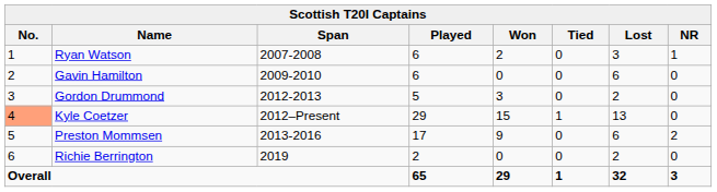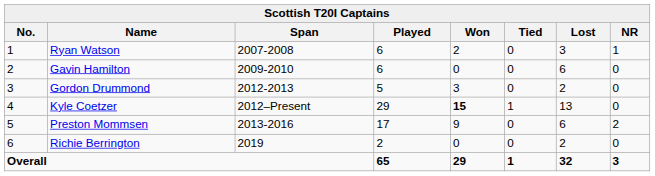 <table class="wikitable" style="width:70%;">
 <tr>
 <th style="background:#efefef;" colspan="9">Scottish T20I Captains </th>
 </tr>
 <tr style="background:#efefef;">
 <th>No.</th>
 <th>Name</th>
 <th>Span</th>
 <th>Played</th>
 <th>Won</th>
 <th>Tied</th>
 <th>Lost</th>
 <th>NR</th>
 </tr>
 <tr>
 <td>1</td>
 <td><a href='#'>Ryan Watson</a></td>
 <td>2007-2008</td>
 <td>6</td>
 <td>2</td>
 <td>0</td>
 <td>3</td>
 <td>1</td>
 </tr>
 <tr>
 <td>2</td>
 <td><a href='#'>Gavin Hamilton</a></td>
 <td>2009-2010</td>
 <td>6</td>
 <td>0</td>
 <td>0</td>
 <td>6</td>
 <td>0</td>
 </tr>
 <tr>
 <td>3</td>
 <td><a href='#'>Gordon Drummond</a></td>
 <td>2012-2013</td>
 <td>5</td>
 <td>3</td>
 <td>0</td>
 <td>2</td>
 <td>0</td>
 </tr>
 <tr>
-<td style="background: lightsalmon;">4</td>
+<td>4</td>
 <td><a href='#'>Kyle Coetzer</a></td>
 <td>2012–Present</td>
 <td>29</td>
-<td>15</td>
+<td><strong>15</strong></td>
 <td>1</td>
 <td>13</td>
 <td>0</td>
 </tr>
 <tr>
 <td>5</td>
 <td><a href='#'>Preston Mommsen</a></td>
 <td>2013-2016</td>
 <td>17</td>
 <td>9</td>
 <td>0</td>
 <td>6</td>
 <td>2</td>
 </tr>
 <tr>
 <td>6</td>
 <td><a href='#'>Richie Berrington</a></td>
 <td>2019</td>
 <td>2</td>
 <td>0</td>
 <td>0</td>
 <td>2</td>
 <td>0</td>
 </tr>
 <tr>
 <td colspan="3"><strong>Overall</strong></td>
 <td><strong>65</strong></td>
 <td><strong>29</strong></td>
 <td><strong>1</strong></td>
 <td><strong>32</strong></td>
 <td><strong>3</strong></td>
 </tr>
 </table>
